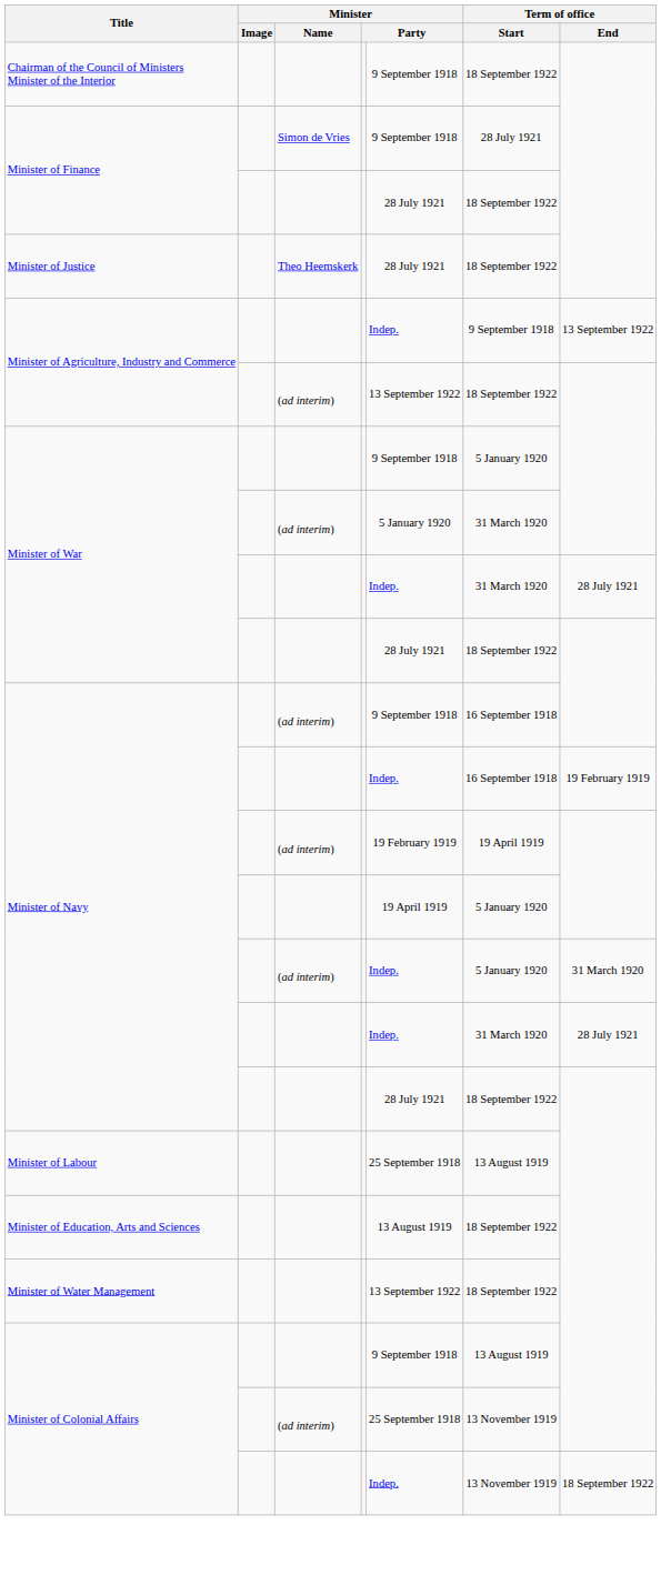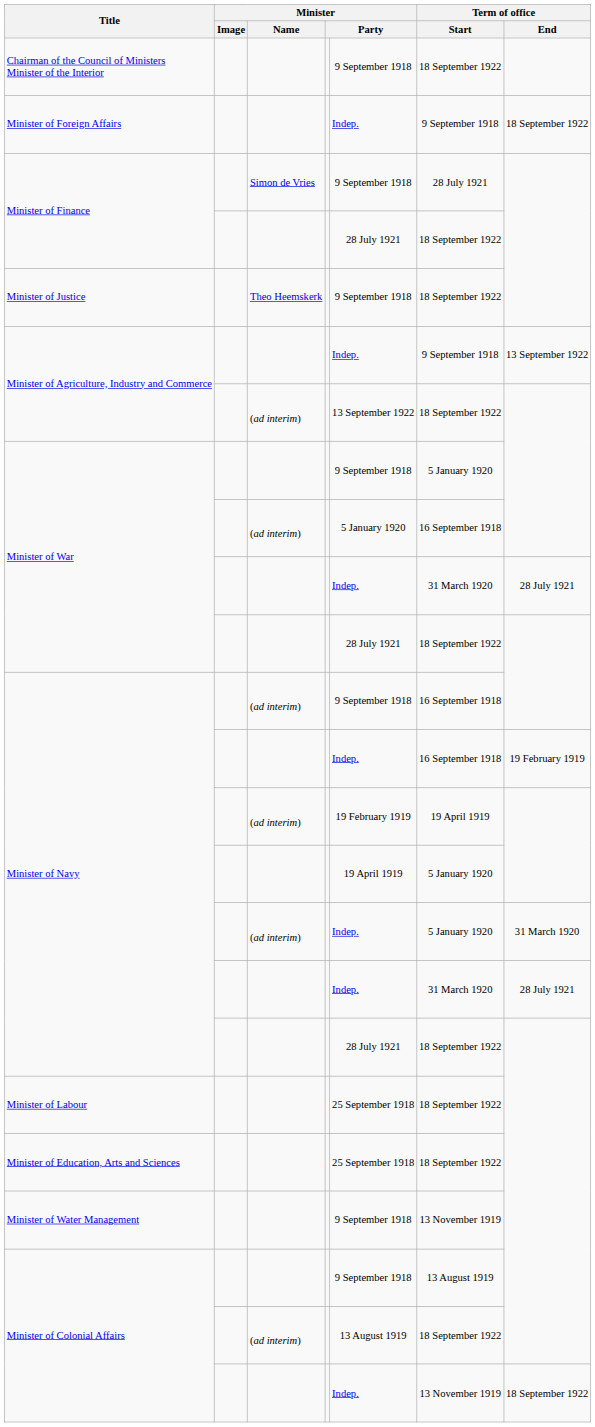 <table class="wikitable sortable" style="text-align:left">
 <tr>
 <th rowspan="2">Title</th>
 <th colspan="4">Minister</th>
 <th colspan="2">Term of office</th>
 </tr>
 <tr>
 <th class="unsortable">Image</th>
 <th>Name</th>
 <th colspan="2">Party</th>
 <th data-sort-type="date">Start</th>
 <th data-sort-type=date>End</th>
 </tr>
 <tr>
 <td><a href='#'>Chairman of the Council of Ministers</a> <br> <a href='#'>Minister of the Interior</a></td>
 <td height="80px"></td>
 <td></td>
 <td></td>
+<td style="text-align:center">9 September 1918</td>
+<td style="text-align:center">18 September 1922</td>
+</tr>
+<tr>
+<td><a href='#'>Minister of Foreign Affairs</a></td>
+<td height="80px"></td>
+<td></td>
+<td style="background:"></td>
+<td><a href='#'>Indep.</a></td>
 <td style="text-align:center">9 September 1918</td>
 <td style="text-align:center">18 September 1922</td>
 </tr>
 <tr>
 <td rowspan=2><a href='#'>Minister of Finance</a></td>
 <td height="80px"></td>
 <td><a href='#'>Simon de Vries</a></td>
 <td></td>
 <td style="text-align:center">9 September 1918</td>
 <td style="text-align:center">28 July 1921</td>
 </tr>
 <tr>
 <td height="80px"></td>
 <td></td>
 <td></td>
 <td style="text-align:center">28 July 1921</td>
 <td style="text-align:center">18 September 1922</td>
 </tr>
 <tr>
 <td><a href='#'>Minister of Justice</a></td>
 <td height="80px"></td>
 <td><a href='#'>Theo Heemskerk</a></td>
 <td></td>
-<td style="text-align:center">28 July 1921</td>
+<td style="text-align:center">9 September 1918</td>
 <td style="text-align:center">18 September 1922</td>
 </tr>
 <tr>
 <td rowspan=2><a href='#'>Minister of Agriculture, Industry and Commerce</a></td>
 <td height="80px"></td>
 <td></td>
 <td style="background:"></td>
 <td><a href='#'>Indep.</a></td>
 <td style="text-align:center">9 September 1918</td>
 <td style="text-align:center">13 September 1922</td>
 </tr>
 <tr>
 <td height="80px"></td>
 <td> <br> (<em>ad interim</em>)</td>
 <td></td>
 <td style="text-align:center">13 September 1922</td>
 <td style="text-align:center">18 September 1922</td>
 </tr>
 <tr>
 <td rowspan=4><a href='#'>Minister of War</a></td>
 <td height="80px"></td>
 <td></td>
 <td></td>
 <td style="text-align:center">9 September 1918</td>
 <td style="text-align:center">5 January 1920</td>
 </tr>
 <tr>
 <td height="80px"></td>
 <td> <br> (<em>ad interim</em>)</td>
 <td></td>
 <td style="text-align:center">5 January 1920</td>
-<td style="text-align:center">31 March 1920</td>
+<td style="text-align:center">16 September 1918</td>
 </tr>
 <tr>
 <td height="80px"></td>
 <td></td>
 <td style="background:"></td>
 <td><a href='#'>Indep.</a></td>
 <td style="text-align:center">31 March 1920</td>
 <td style="text-align:center">28 July 1921</td>
 </tr>
 <tr>
 <td height="80px"></td>
 <td></td>
 <td></td>
 <td style="text-align:center">28 July 1921</td>
 <td style="text-align:center">18 September 1922</td>
 </tr>
 <tr>
 <td rowspan=7><a href='#'>Minister of Navy</a></td>
 <td height="80px"></td>
 <td> <br> (<em>ad interim</em>)</td>
 <td></td>
 <td style="text-align:center">9 September 1918</td>
 <td style="text-align:center">16 September 1918</td>
 </tr>
 <tr>
 <td height="80px"></td>
 <td></td>
 <td style="background:"></td>
 <td><a href='#'>Indep.</a></td>
 <td style="text-align:center">16 September 1918</td>
 <td style="text-align:center">19 February 1919</td>
 </tr>
 <tr>
 <td height="80px"></td>
 <td> <br> (<em>ad interim</em>)</td>
 <td></td>
 <td style="text-align:center">19 February 1919</td>
 <td style="text-align:center">19 April 1919</td>
 </tr>
 <tr>
 <td height="80px"></td>
 <td></td>
 <td></td>
 <td style="text-align:center">19 April 1919</td>
 <td style="text-align:center">5 January 1920</td>
 </tr>
 <tr>
 <td height="80px"></td>
 <td> <br> (<em>ad interim</em>)</td>
 <td style="background:"></td>
 <td><a href='#'>Indep.</a></td>
 <td style="text-align:center">5 January 1920</td>
 <td style="text-align:center">31 March 1920</td>
 </tr>
 <tr>
 <td height="80px"></td>
 <td></td>
 <td style="background:"></td>
 <td><a href='#'>Indep.</a></td>
 <td style="text-align:center">31 March 1920</td>
 <td style="text-align:center">28 July 1921</td>
 </tr>
 <tr>
 <td height="80px"></td>
 <td></td>
 <td></td>
 <td style="text-align:center">28 July 1921</td>
 <td style="text-align:center">18 September 1922</td>
 </tr>
 <tr>
 <td><a href='#'>Minister of Labour</a></td>
 <td height="80px"></td>
 <td></td>
 <td></td>
 <td style="text-align:center">25 September 1918</td>
-<td style="text-align:center">13 August 1919</td>
+<td style="text-align:center">18 September 1922</td>
 </tr>
 <tr>
 <td><a href='#'>Minister of Education, Arts and Sciences</a></td>
 <td height="80px"></td>
 <td></td>
 <td></td>
-<td style="text-align:center">13 August 1919</td>
+<td style="text-align:center">25 September 1918</td>
 <td style="text-align:center">18 September 1922</td>
 </tr>
 <tr>
 <td><a href='#'>Minister of Water Management</a></td>
 <td height="80px"></td>
 <td></td>
 <td></td>
-<td style="text-align:center">13 September 1922</td>
-<td style="text-align:center">18 September 1922</td>
+<td style="text-align:center">9 September 1918</td>
+<td style="text-align:center">13 November 1919</td>
 </tr>
 <tr>
 <td rowspan=3><a href='#'>Minister of Colonial Affairs</a></td>
 <td height="80px"></td>
 <td></td>
 <td></td>
 <td style="text-align:center">9 September 1918</td>
 <td style="text-align:center">13 August 1919</td>
 </tr>
 <tr>
 <td height="80px"></td>
 <td> <br> (<em>ad interim</em>)</td>
 <td></td>
-<td style="text-align:center">25 September 1918</td>
-<td style="text-align:center">13 November 1919</td>
+<td style="text-align:center">13 August 1919</td>
+<td style="text-align:center">18 September 1922</td>
 </tr>
 <tr>
 <td height="80px"></td>
 <td></td>
 <td style="background:"></td>
 <td><a href='#'>Indep.</a></td>
 <td style="text-align:center">13 November 1919</td>
 <td style="text-align:center">18 September 1922</td>
 </tr>
 </table>
